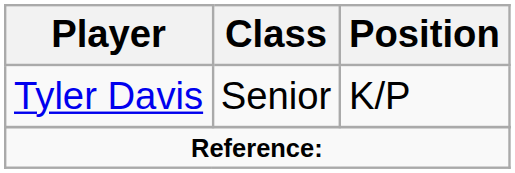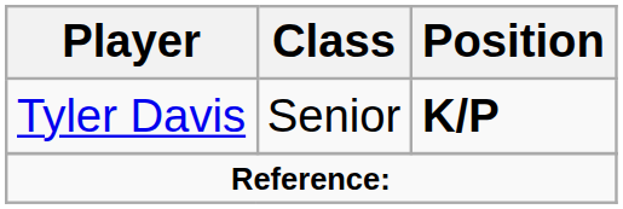 <table class="wikitable">
 <tr ;>
 <th>Player</th>
 <th>Class</th>
 <th>Position</th>
 </tr>
 <tr>
 <td><a href='#'>Tyler Davis</a></td>
 <td>Senior</td>
-<td>K/P</td>
+<td><strong>K/P</strong></td>
 </tr>
 <tr>
 </tr>
 <tr>
 <td colspan="3"  style="font-size:8pt; text-align:center;"><strong>Reference:</strong></td>
 </tr>
 </table>
